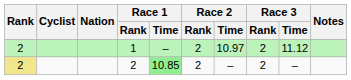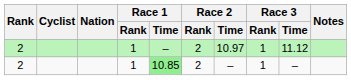 <table class="wikitable sortable" style="text-align:center">
 <tr>
 <th rowspan=2>Rank</th>
 <th rowspan=2>Cyclist</th>
 <th rowspan=2>Nation</th>
 <th colspan=2>Race 1</th>
 <th colspan=2>Race 2</th>
 <th colspan=2>Race 3</th>
 <th rowspan=2>Notes</th>
 </tr>
 <tr>
 <th>Rank</th>
 <th>Time</th>
 <th>Rank</th>
 <th>Time</th>
 <th>Rank</th>
 <th>Time</th>
 </tr>
 <tr bgcolor=bbf3bb>
 <td>2</td>
 <td align=left></td>
 <td align=left></td>
 <td>1</td>
 <td>–</td>
 <td>2</td>
 <td>10.97</td>
-<td>2</td>
+<td>1</td>
 <td>11.12</td>
 <td></td>
 </tr>
 <tr>
-<td style="background: khaki;">2</td>
+<td>2</td>
 <td align=left></td>
 <td align=left></td>
-<td>2</td>
+<td>1</td>
 <td style="background: lightgreen;">10.85</td>
 <td>2</td>
 <td>–</td>
-<td>2</td>
+<td>1</td>
 <td>–</td>
 <td></td>
 </tr>
 </table>
